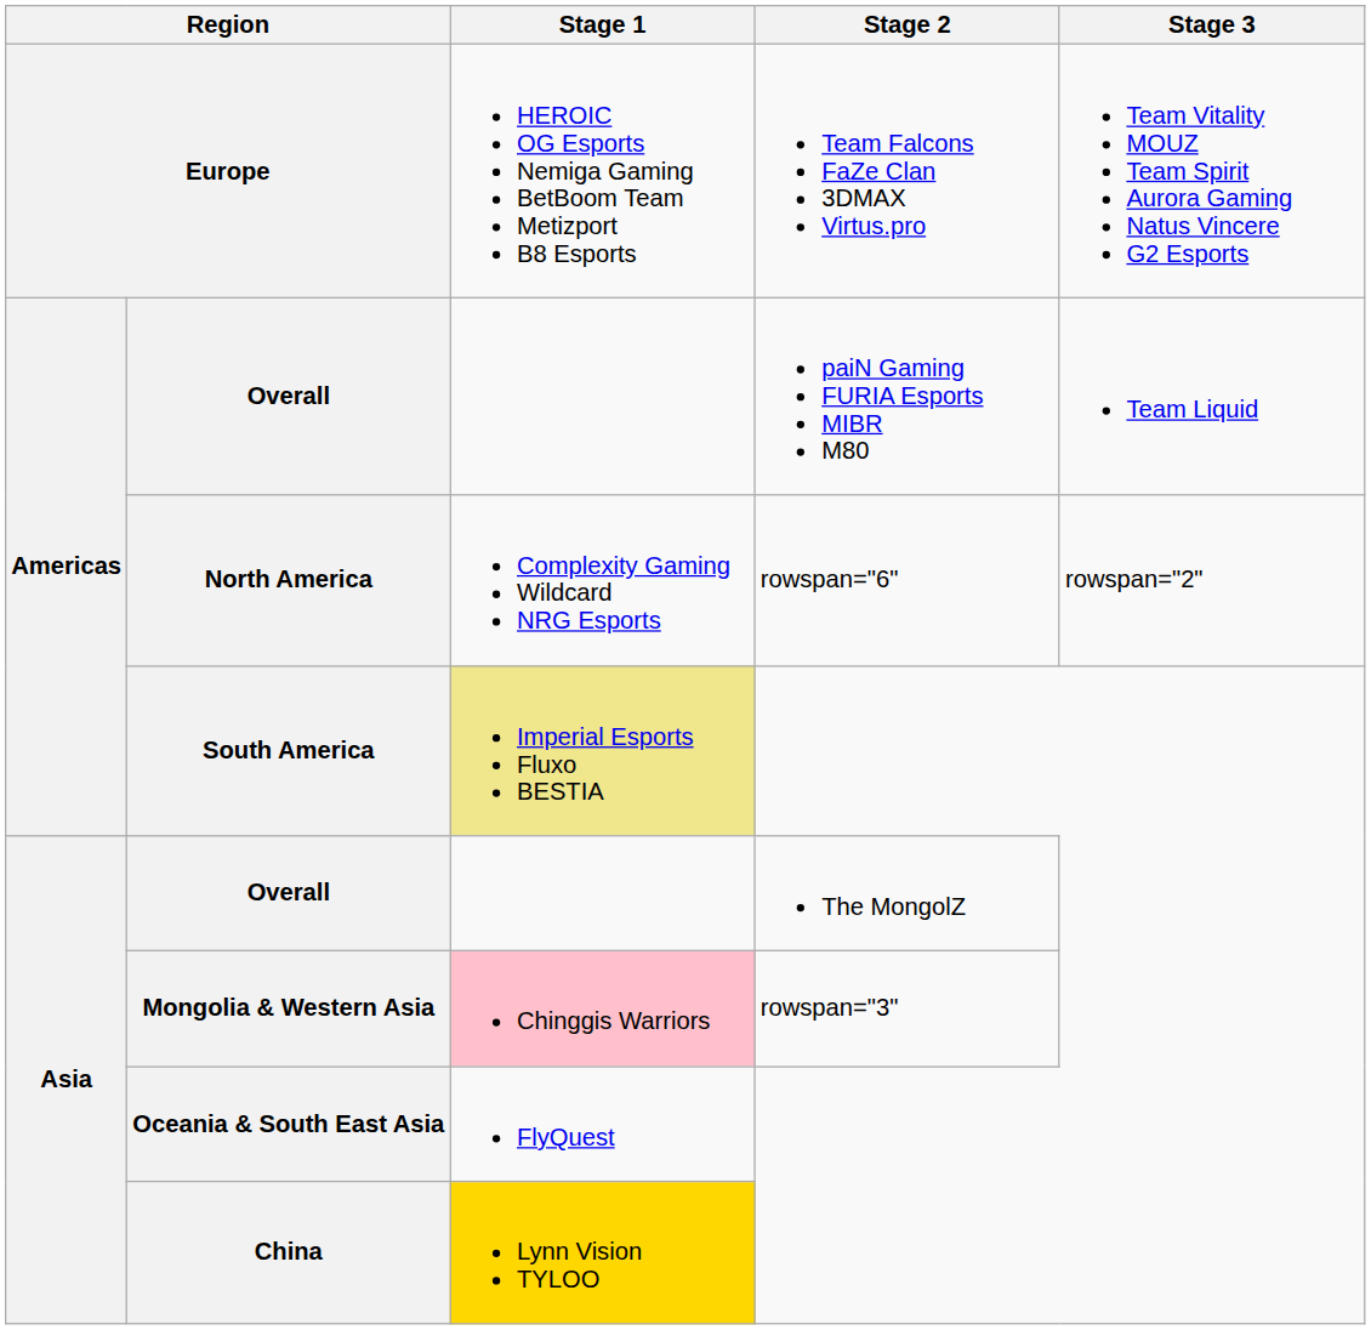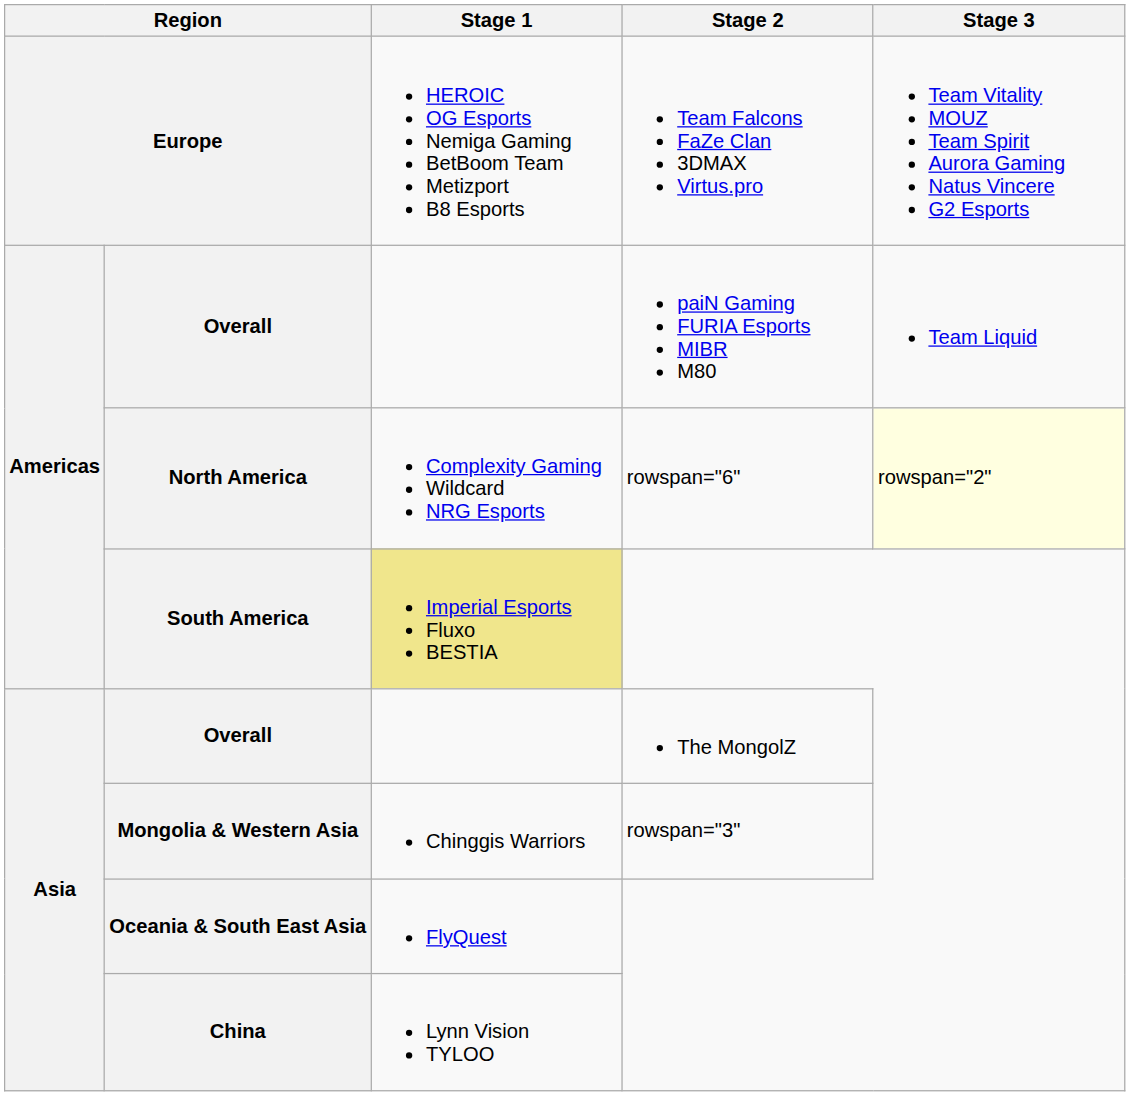 <table class="wikitable">
 <tr>
 <th colspan="2">Region</th>
 <th style=width:12em>Stage 1</th>
 <th style=width:12em>Stage 2</th>
 <th style=width:12em>Stage 3</th>
 </tr>
 <tr>
 <th colspan="2">Europe</th>
 <td><br><ul><li><a href='#'>HEROIC</a></li><li><a href='#'>OG Esports</a></li><li>Nemiga Gaming</li><li>BetBoom Team</li><li>Metizport</li><li>B8 Esports</li></ul></td>
 <td><br><ul><li><a href='#'>Team Falcons</a></li><li><a href='#'>FaZe Clan</a></li><li>3DMAX</li><li><a href='#'>Virtus.pro</a></li></ul></td>
 <td><br><ul><li><a href='#'>Team Vitality</a></li><li><a href='#'>MOUZ</a></li><li><a href='#'>Team Spirit</a></li><li><a href='#'>Aurora Gaming</a></li><li><a href='#'>Natus Vincere</a></li><li><a href='#'>G2 Esports</a></li></ul></td>
 </tr>
 <tr>
 <th rowspan="3">Americas</th>
 <th>Overall</th>
 <td></td>
 <td><br><ul><li><a href='#'>paiN Gaming</a></li><li><a href='#'>FURIA Esports</a></li><li><a href='#'>MIBR</a></li><li>M80</li></ul></td>
 <td><br><ul><li><a href='#'>Team Liquid</a></li></ul></td>
 </tr>
 <tr>
 <th>North America</th>
 <td><br><ul><li><a href='#'>Complexity Gaming</a></li><li>Wildcard</li><li><a href='#'>NRG Esports</a></li></ul></td>
 <td>rowspan="6" </td>
-<td>rowspan="2" </td>
+<td style="background: lightyellow;">rowspan="2" </td>
 </tr>
 <tr>
 <th>South America</th>
 <td style="background: khaki;"><br><ul><li><a href='#'>Imperial Esports</a></li><li>Fluxo</li><li>BESTIA</li></ul></td>
 </tr>
 <tr>
 <th rowspan="4">Asia</th>
 <th>Overall</th>
 <td></td>
 <td><br><ul><li>The MongolZ</li></ul></td>
 </tr>
 <tr>
 <th>Mongolia & Western Asia</th>
-<td style="background: pink;"><br><ul><li>Chinggis Warriors</li></ul></td>
+<td><br><ul><li>Chinggis Warriors</li></ul></td>
 <td>rowspan="3" </td>
 </tr>
 <tr>
 <th>Oceania & South East Asia</th>
 <td><br><ul><li><a href='#'>FlyQuest</a></li></ul></td>
 </tr>
 <tr>
 <th>China</th>
-<td style="background: gold;"><br><ul><li>Lynn Vision</li><li>TYLOO</li></ul></td>
+<td><br><ul><li>Lynn Vision</li><li>TYLOO</li></ul></td>
 </tr>
 </table>
